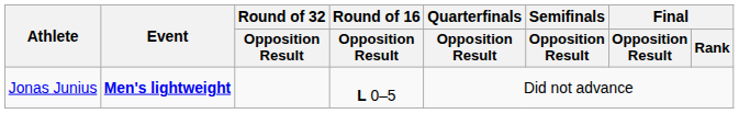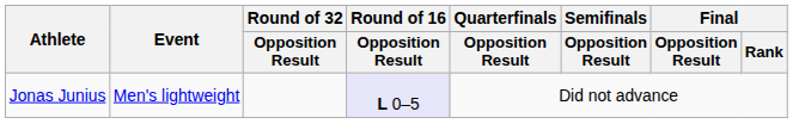 <table class="wikitable" style="font-size:90%">
 <tr>
 <th rowspan="2">Athlete</th>
 <th rowspan="2">Event</th>
 <th>Round of 32</th>
 <th>Round of 16</th>
 <th>Quarterfinals</th>
 <th>Semifinals</th>
 <th colspan=2>Final</th>
 </tr>
 <tr style="font-size:95%">
 <th>Opposition<br>Result</th>
 <th>Opposition<br>Result</th>
 <th>Opposition<br>Result</th>
 <th>Opposition<br>Result</th>
 <th>Opposition<br>Result</th>
 <th>Rank</th>
 </tr>
 <tr align=center>
 <td align=left><a href='#'>Jonas Junius</a></td>
-<td align=left><strong><a href='#'>Men's lightweight</a></strong></td>
+<td align=left><a href='#'>Men's lightweight</a></td>
 <td></td>
-<td><br><strong>L</strong> 0–5</td>
+<td style="background: lavender;"><br><strong>L</strong> 0–5</td>
 <td colspan="4">Did not advance</td>
 </tr>
 </table>
